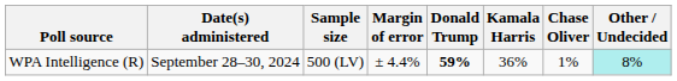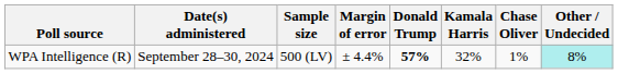 <table class="wikitable sortable mw-datatable" style="font-size:90%;text-align:center;line-height:17px">
 <tr valign=bottom>
 <th>Poll source</th>
 <th>Date(s)<br>administered</th>
 <th>Sample<br>size</th>
 <th>Margin<br>of error</th>
 <th class="unsortable">Donald <br>Trump<br></th>
 <th class="unsortable">Kamala<br>Harris<br></th>
 <th class="unsortable">Chase<br>Oliver<br></th>
 <th class="unsortable">Other /<br>Undecided</th>
 </tr>
 <tr>
 <td style="text-align:left;">WPA Intelligence (R)</td>
 <td data-sort-value="2024-09-30">September 28–30, 2024</td>
 <td>500 (LV)</td>
 <td>± 4.4%</td>
-<td style="background-color:"><strong>59%</strong></td>
-<td>36%</td>
+<td style="background-color:"><strong>57%</strong></td>
+<td>32%</td>
 <td>1%</td>
 <td style="background: paleturquoise;">8%</td>
 </tr>
 </table>
